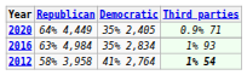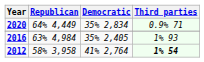 <table class="wikitable" style="float:right; font-size:95%;">
 <tr bgcolor=lightgrey>
 <th>Year</th>
 <th><a href='#'>Republican</a></th>
 <th><a href='#'>Democratic</a></th>
 <th><a href='#'>Third parties</a></th>
 </tr>
 <tr>
 <td style="text-align:center; "><strong><a href='#'>2020</a></strong></td>
 <td style="text-align:center; "><em>64%</em> <em>4,449</em></td>
-<td style="text-align:center; "><em>35%</em> <em>2,405</em></td>
+<td style="text-align:center; "><em>35%</em> <em>2,834</em></td>
 <td style="text-align:center; background:honeyDew;"><em>0.9%</em> <em>71</em></td>
 </tr>
 <tr>
 </tr>
 <tr>
 <td style="text-align:center; "><strong><a href='#'>2016</a></strong></td>
 <td style="text-align:center; "><em>63%</em> <em>4,984</em></td>
-<td style="text-align:center; "><em>35%</em> <em>2,834</em></td>
+<td style="text-align:center; "><em>35%</em> <em>2,405</em></td>
 <td style="text-align:center; background:honeyDew;"><em>1%</em> <em>93</em></td>
 </tr>
 <tr>
 <td style="text-align:center; "><strong><a href='#'>2012</a></strong></td>
 <td style="text-align:center; "><em>58%</em> <em>3,958</em></td>
 <td style="text-align:center; "><em>41%</em> <em>2,764</em></td>
 <td style="text-align:center; background:honeyDew;"><strong><em>1%</em> <em>54</em></strong></td>
 </tr>
 </table>
